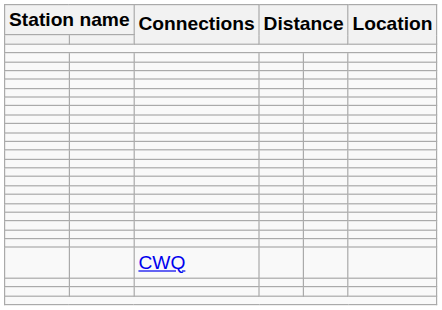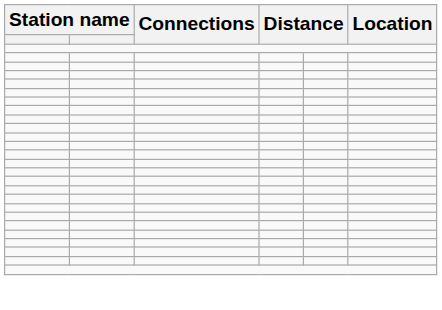 <table class="wikitable">
 <tr>
 <th colspan="2">Station name</th>
 <th rowspan="2">Connections</th>
 <th colspan="2" rowspan="2">Distance<br></th>
 <th rowspan="2">Location</th>
 </tr>
 <tr>
 <th></th>
 <th></th>
 </tr>
 <tr style="background:#">
 <td colspan = "6"></td>
 </tr>
 <tr>
 <td></td>
 <td></td>
 <td></td>
 <td></td>
 <td></td>
 <td></td>
 </tr>
 <tr>
 <td></td>
 <td></td>
 <td></td>
 <td></td>
 <td></td>
 <td></td>
 </tr>
 <tr>
 <td></td>
 <td></td>
 <td></td>
 <td></td>
 <td></td>
 <td></td>
 </tr>
 <tr>
 <td></td>
 <td></td>
 <td></td>
 <td></td>
 <td></td>
 <td></td>
 </tr>
 <tr>
 <td></td>
 <td></td>
 <td></td>
 <td></td>
 <td></td>
 <td></td>
 </tr>
 <tr>
 <td></td>
 <td></td>
 <td></td>
 <td></td>
 <td></td>
 <td></td>
 </tr>
 <tr>
 <td></td>
 <td></td>
 <td></td>
 <td></td>
 <td></td>
 <td></td>
 </tr>
 <tr>
 <td></td>
 <td></td>
 <td></td>
 <td></td>
 <td></td>
 <td></td>
 </tr>
 <tr>
 <td></td>
 <td></td>
 <td></td>
 <td></td>
 <td></td>
 <td></td>
 </tr>
 <tr>
 <td></td>
 <td></td>
 <td></td>
 <td></td>
 <td></td>
 <td></td>
 </tr>
 <tr>
 <td></td>
 <td></td>
 <td></td>
 <td></td>
 <td></td>
 <td></td>
 </tr>
 <tr>
 <td></td>
 <td></td>
 <td></td>
 <td></td>
 <td></td>
 <td></td>
 </tr>
 <tr>
 <td></td>
 <td></td>
 <td></td>
 <td></td>
 <td></td>
 <td></td>
 </tr>
 <tr>
 <td></td>
 <td></td>
 <td></td>
 <td></td>
 <td></td>
 <td></td>
 </tr>
 <tr>
 <td></td>
 <td></td>
 <td></td>
 <td></td>
 <td></td>
 <td></td>
 </tr>
 <tr>
 <td></td>
 <td></td>
 <td></td>
 <td></td>
 <td></td>
 <td></td>
 </tr>
 <tr>
 <td></td>
 <td></td>
 <td></td>
 <td></td>
 <td></td>
 <td></td>
 </tr>
 <tr>
 <td></td>
 <td></td>
 <td></td>
 <td></td>
 <td></td>
 <td></td>
 </tr>
 <tr>
 <td></td>
 <td></td>
 <td></td>
 <td></td>
 <td></td>
 <td></td>
 </tr>
 <tr>
 <td></td>
 <td></td>
 <td></td>
 <td></td>
 <td></td>
 <td></td>
 </tr>
 <tr>
 <td></td>
 <td></td>
 <td></td>
 <td></td>
 <td></td>
 <td></td>
 </tr>
 <tr>
 <td></td>
 <td></td>
 <td></td>
 <td></td>
 <td></td>
 <td></td>
 </tr>
 <tr>
 <td></td>
 <td></td>
-<td>   <a href='#'>CWQ</a></td>
-<td></td>
-<td></td>
-<td></td>
-</tr>
-<tr>
-<td></td>
-<td></td>
 <td></td>
 <td></td>
 <td></td>
 <td></td>
 </tr>
 <tr>
 <td></td>
 <td></td>
 <td></td>
 <td></td>
 <td></td>
 <td></td>
 </tr>
 <tr style="background:#">
 <td colspan = "6"></td>
 </tr>
 </table>
